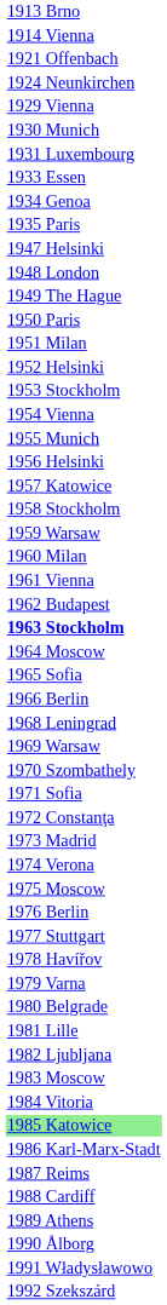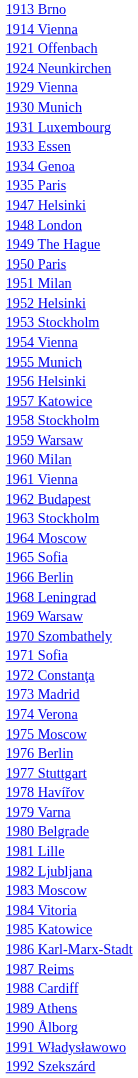 <table>
 <tr>
 <td><a href='#'>1913 Brno</a></td>
 <td></td>
 <td></td>
 <td></td>
 </tr>
 <tr>
 <td><a href='#'>1914 Vienna</a></td>
 <td></td>
 <td></td>
 <td></td>
 </tr>
 <tr>
 <td><a href='#'>1921 Offenbach</a></td>
 <td></td>
 <td></td>
 <td></td>
 </tr>
 <tr>
 <td><a href='#'>1924 Neunkirchen</a></td>
 <td></td>
 <td></td>
 <td></td>
 </tr>
 <tr>
 <td><a href='#'>1929 Vienna</a></td>
 <td></td>
 <td></td>
 <td></td>
 </tr>
 <tr>
 <td><a href='#'>1930 Munich</a></td>
 <td></td>
 <td></td>
 <td></td>
 </tr>
 <tr>
 <td><a href='#'>1931 Luxembourg</a></td>
 <td></td>
 <td></td>
 <td></td>
 </tr>
 <tr>
 <td><a href='#'>1933 Essen</a></td>
 <td></td>
 <td></td>
 <td></td>
 </tr>
 <tr>
 <td><a href='#'>1934 Genoa</a></td>
 <td></td>
 <td></td>
 <td></td>
 </tr>
 <tr>
 <td><a href='#'>1935 Paris</a></td>
 <td></td>
 <td></td>
 <td></td>
 </tr>
 <tr>
 <td><a href='#'>1947 Helsinki</a></td>
 <td></td>
 <td></td>
 <td></td>
 </tr>
 <tr>
 <td><a href='#'>1948 London</a></td>
 <td></td>
 <td></td>
 <td></td>
 </tr>
 <tr>
 <td><a href='#'>1949 The Hague</a></td>
 <td></td>
 <td></td>
 <td></td>
 </tr>
 <tr>
 <td><a href='#'>1950 Paris</a></td>
 <td></td>
 <td></td>
 <td></td>
 </tr>
 <tr>
 <td><a href='#'>1951 Milan</a></td>
 <td></td>
 <td></td>
 <td></td>
 </tr>
 <tr>
 <td><a href='#'>1952 Helsinki</a></td>
 <td></td>
 <td></td>
 <td></td>
 </tr>
 <tr>
 <td><a href='#'>1953 Stockholm</a></td>
 <td></td>
 <td></td>
 <td></td>
 </tr>
 <tr>
 <td><a href='#'>1954 Vienna</a></td>
 <td></td>
 <td></td>
 <td></td>
 </tr>
 <tr>
 <td><a href='#'>1955 Munich</a></td>
 <td></td>
 <td></td>
 <td></td>
 </tr>
 <tr>
 <td><a href='#'>1956 Helsinki</a></td>
 <td></td>
 <td></td>
 <td></td>
 </tr>
 <tr>
 <td><a href='#'>1957 Katowice</a></td>
 <td></td>
 <td></td>
 <td></td>
 </tr>
 <tr>
 <td><a href='#'>1958 Stockholm</a></td>
 <td></td>
 <td></td>
 <td></td>
 </tr>
 <tr>
 <td><a href='#'>1959 Warsaw</a></td>
 <td></td>
 <td></td>
 <td></td>
 </tr>
 <tr>
 <td><a href='#'>1960 Milan</a></td>
 <td></td>
 <td></td>
 <td></td>
 </tr>
 <tr>
 <td><a href='#'>1961 Vienna</a></td>
 <td></td>
 <td></td>
 <td></td>
 </tr>
 <tr>
 <td><a href='#'>1962 Budapest</a></td>
 <td></td>
 <td></td>
 <td></td>
 </tr>
 <tr>
-<td><strong><a href='#'>1963 Stockholm</a></strong></td>
+<td><a href='#'>1963 Stockholm</a></td>
 <td></td>
 <td></td>
 <td></td>
 </tr>
 <tr>
 <td><a href='#'>1964 Moscow</a></td>
 <td></td>
 <td></td>
 <td></td>
 </tr>
 <tr>
 <td><a href='#'>1965 Sofia</a></td>
 <td></td>
 <td></td>
 <td></td>
 </tr>
 <tr>
 <td><a href='#'>1966 Berlin</a></td>
 <td></td>
 <td></td>
 <td></td>
 </tr>
 <tr>
 <td><a href='#'>1968 Leningrad</a></td>
 <td></td>
 <td></td>
 <td></td>
 </tr>
 <tr>
 <td><a href='#'>1969 Warsaw</a></td>
 <td></td>
 <td></td>
 <td></td>
 </tr>
 <tr>
 <td><a href='#'>1970 Szombathely</a></td>
 <td></td>
 <td></td>
 <td></td>
 </tr>
 <tr>
 <td><a href='#'>1971 Sofia</a></td>
 <td></td>
 <td></td>
 <td></td>
 </tr>
 <tr>
 <td><a href='#'>1972 Constanţa</a></td>
 <td></td>
 <td></td>
 <td></td>
 </tr>
 <tr>
 <td><a href='#'>1973 Madrid</a></td>
 <td></td>
 <td></td>
 <td></td>
 </tr>
 <tr>
 <td><a href='#'>1974 Verona</a></td>
 <td></td>
 <td></td>
 <td></td>
 </tr>
 <tr>
 <td><a href='#'>1975 Moscow</a></td>
 <td></td>
 <td></td>
 <td></td>
 </tr>
 <tr>
 <td><a href='#'>1976 Berlin</a></td>
 <td></td>
 <td></td>
 <td></td>
 </tr>
 <tr>
 <td><a href='#'>1977 Stuttgart</a></td>
 <td></td>
 <td></td>
 <td></td>
 </tr>
 <tr>
 <td><a href='#'>1978 Havířov</a></td>
 <td></td>
 <td></td>
 <td></td>
 </tr>
 <tr>
 <td><a href='#'>1979 Varna</a></td>
 <td></td>
 <td></td>
 <td></td>
 </tr>
 <tr>
 <td><a href='#'>1980 Belgrade</a></td>
 <td></td>
 <td></td>
 <td></td>
 </tr>
 <tr>
 <td><a href='#'>1981 Lille</a></td>
 <td></td>
 <td></td>
 <td></td>
 </tr>
 <tr>
 <td><a href='#'>1982 Ljubljana</a></td>
 <td></td>
 <td></td>
 <td></td>
 </tr>
 <tr>
 <td><a href='#'>1983  Moscow</a></td>
 <td></td>
 <td></td>
 <td></td>
 </tr>
 <tr>
 <td><a href='#'>1984 Vitoria</a></td>
 <td></td>
 <td></td>
 <td></td>
 </tr>
 <tr>
-<td style="background: lightgreen;"><a href='#'>1985 Katowice</a></td>
+<td><a href='#'>1985 Katowice</a></td>
 <td></td>
 <td></td>
 <td></td>
 </tr>
 <tr>
 <td><a href='#'>1986 Karl-Marx-Stadt</a></td>
 <td></td>
 <td></td>
 <td></td>
 </tr>
 <tr>
 <td><a href='#'>1987 Reims</a></td>
 <td></td>
 <td></td>
 <td></td>
 </tr>
 <tr>
 <td><a href='#'>1988 Cardiff</a></td>
 <td></td>
 <td></td>
 <td></td>
 </tr>
 <tr>
 <td><a href='#'>1989 Athens</a></td>
 <td></td>
 <td></td>
 <td></td>
 </tr>
 <tr>
 <td><a href='#'>1990 Ålborg</a></td>
 <td></td>
 <td></td>
 <td></td>
 </tr>
 <tr>
 <td><a href='#'>1991 Władysławowo</a></td>
 <td></td>
 <td></td>
 <td></td>
 </tr>
 <tr>
 <td><a href='#'>1992 Szekszárd</a></td>
 <td></td>
 <td></td>
 <td></td>
 </tr>
 </table>
